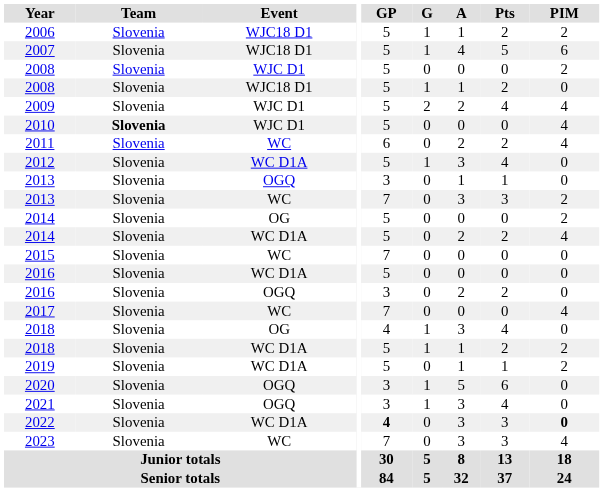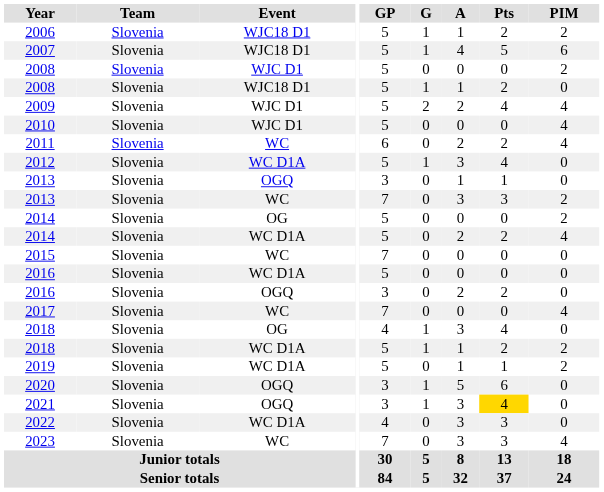 <table border="0" cellpadding="1" cellspacing="0" ID="Table3" style="text-align:center; width:40em">
 <tr ALIGN="center" bgcolor="#e0e0e0">
 <th>Year</th>
 <th>Team</th>
 <th>Event</th>
 <th rowspan="102" bgcolor="#ffffff"></th>
 <th>GP</th>
 <th>G</th>
 <th>A</th>
 <th>Pts</th>
 <th>PIM</th>
 </tr>
 <tr>
 <td><a href='#'>2006</a></td>
 <td><a href='#'>Slovenia</a></td>
 <td><a href='#'>WJC18 D1</a></td>
 <td>5</td>
 <td>1</td>
 <td>1</td>
 <td>2</td>
 <td>2</td>
 </tr>
 <tr bgcolor="#f0f0f0">
 <td><a href='#'>2007</a></td>
 <td>Slovenia</td>
 <td>WJC18 D1</td>
 <td>5</td>
 <td>1</td>
 <td>4</td>
 <td>5</td>
 <td>6</td>
 </tr>
 <tr>
 <td><a href='#'>2008</a></td>
 <td><a href='#'>Slovenia</a></td>
 <td><a href='#'>WJC D1</a></td>
 <td>5</td>
 <td>0</td>
 <td>0</td>
 <td>0</td>
 <td>2</td>
 </tr>
 <tr bgcolor="#f0f0f0">
 <td><a href='#'>2008</a></td>
 <td>Slovenia</td>
 <td>WJC18 D1</td>
 <td>5</td>
 <td>1</td>
 <td>1</td>
 <td>2</td>
 <td>0</td>
 </tr>
 <tr>
 <td><a href='#'>2009</a></td>
 <td>Slovenia</td>
 <td>WJC D1</td>
 <td>5</td>
 <td>2</td>
 <td>2</td>
 <td>4</td>
 <td>4</td>
 </tr>
 <tr bgcolor="#f0f0f0">
 <td><a href='#'>2010</a></td>
-<td><strong>Slovenia</strong></td>
+<td>Slovenia</td>
 <td>WJC D1</td>
 <td>5</td>
 <td>0</td>
 <td>0</td>
 <td>0</td>
 <td>4</td>
 </tr>
 <tr>
 <td><a href='#'>2011</a></td>
 <td><a href='#'>Slovenia</a></td>
 <td><a href='#'>WC</a></td>
 <td>6</td>
 <td>0</td>
 <td>2</td>
 <td>2</td>
 <td>4</td>
 </tr>
 <tr bgcolor="#f0f0f0">
 <td><a href='#'>2012</a></td>
 <td>Slovenia</td>
 <td><a href='#'>WC D1A</a></td>
 <td>5</td>
 <td>1</td>
 <td>3</td>
 <td>4</td>
 <td>0</td>
 </tr>
 <tr>
 <td><a href='#'>2013</a></td>
 <td>Slovenia</td>
 <td><a href='#'>OGQ</a></td>
 <td>3</td>
 <td>0</td>
 <td>1</td>
 <td>1</td>
 <td>0</td>
 </tr>
 <tr bgcolor="#f0f0f0">
 <td><a href='#'>2013</a></td>
 <td>Slovenia</td>
 <td>WC</td>
 <td>7</td>
 <td>0</td>
 <td>3</td>
 <td>3</td>
 <td>2</td>
 </tr>
 <tr>
 <td><a href='#'>2014</a></td>
 <td>Slovenia</td>
 <td>OG</td>
 <td>5</td>
 <td>0</td>
 <td>0</td>
 <td>0</td>
 <td>2</td>
 </tr>
 <tr bgcolor="#f0f0f0">
 <td><a href='#'>2014</a></td>
 <td>Slovenia</td>
 <td>WC D1A</td>
 <td>5</td>
 <td>0</td>
 <td>2</td>
 <td>2</td>
 <td>4</td>
 </tr>
 <tr>
 <td><a href='#'>2015</a></td>
 <td>Slovenia</td>
 <td>WC</td>
 <td>7</td>
 <td>0</td>
 <td>0</td>
 <td>0</td>
 <td>0</td>
 </tr>
 <tr bgcolor="#f0f0f0">
 <td><a href='#'>2016</a></td>
 <td>Slovenia</td>
 <td>WC D1A</td>
 <td>5</td>
 <td>0</td>
 <td>0</td>
 <td>0</td>
 <td>0</td>
 </tr>
 <tr>
 <td><a href='#'>2016</a></td>
 <td>Slovenia</td>
 <td>OGQ</td>
 <td>3</td>
 <td>0</td>
 <td>2</td>
 <td>2</td>
 <td>0</td>
 </tr>
 <tr bgcolor="#f0f0f0">
 <td><a href='#'>2017</a></td>
 <td>Slovenia</td>
 <td>WC</td>
 <td>7</td>
 <td>0</td>
 <td>0</td>
 <td>0</td>
 <td>4</td>
 </tr>
 <tr>
 <td><a href='#'>2018</a></td>
 <td>Slovenia</td>
 <td>OG</td>
 <td>4</td>
 <td>1</td>
 <td>3</td>
 <td>4</td>
 <td>0</td>
 </tr>
 <tr bgcolor="#f0f0f0">
 <td><a href='#'>2018</a></td>
 <td>Slovenia</td>
 <td>WC D1A</td>
 <td>5</td>
 <td>1</td>
 <td>1</td>
 <td>2</td>
 <td>2</td>
 </tr>
 <tr>
 <td><a href='#'>2019</a></td>
 <td>Slovenia</td>
 <td>WC D1A</td>
 <td>5</td>
 <td>0</td>
 <td>1</td>
 <td>1</td>
 <td>2</td>
 </tr>
 <tr bgcolor="#f0f0f0">
 <td><a href='#'>2020</a></td>
 <td>Slovenia</td>
 <td>OGQ</td>
 <td>3</td>
 <td>1</td>
 <td>5</td>
 <td>6</td>
 <td>0</td>
 </tr>
 <tr>
 <td><a href='#'>2021</a></td>
 <td>Slovenia</td>
 <td>OGQ</td>
 <td>3</td>
 <td>1</td>
 <td>3</td>
-<td>4</td>
+<td style="background: gold;">4</td>
 <td>0</td>
 </tr>
 <tr bgcolor="#f0f0f0">
 <td><a href='#'>2022</a></td>
 <td>Slovenia</td>
 <td>WC D1A</td>
-<td><strong>4</strong></td>
+<td>4</td>
 <td>0</td>
 <td>3</td>
 <td>3</td>
-<td><strong>0</strong></td>
+<td>0</td>
 </tr>
 <tr>
 <td><a href='#'>2023</a></td>
 <td>Slovenia</td>
 <td>WC</td>
 <td>7</td>
 <td>0</td>
 <td>3</td>
 <td>3</td>
 <td>4</td>
 </tr>
 <tr bgcolor="#e0e0e0">
 <th colspan=3>Junior totals</th>
 <th>30</th>
 <th>5</th>
 <th>8</th>
 <th>13</th>
 <th>18</th>
 </tr>
 <tr bgcolor="#e0e0e0">
 <th colspan=3>Senior totals</th>
 <th>84</th>
 <th>5</th>
 <th>32</th>
 <th>37</th>
 <th>24</th>
 </tr>
 </table>
